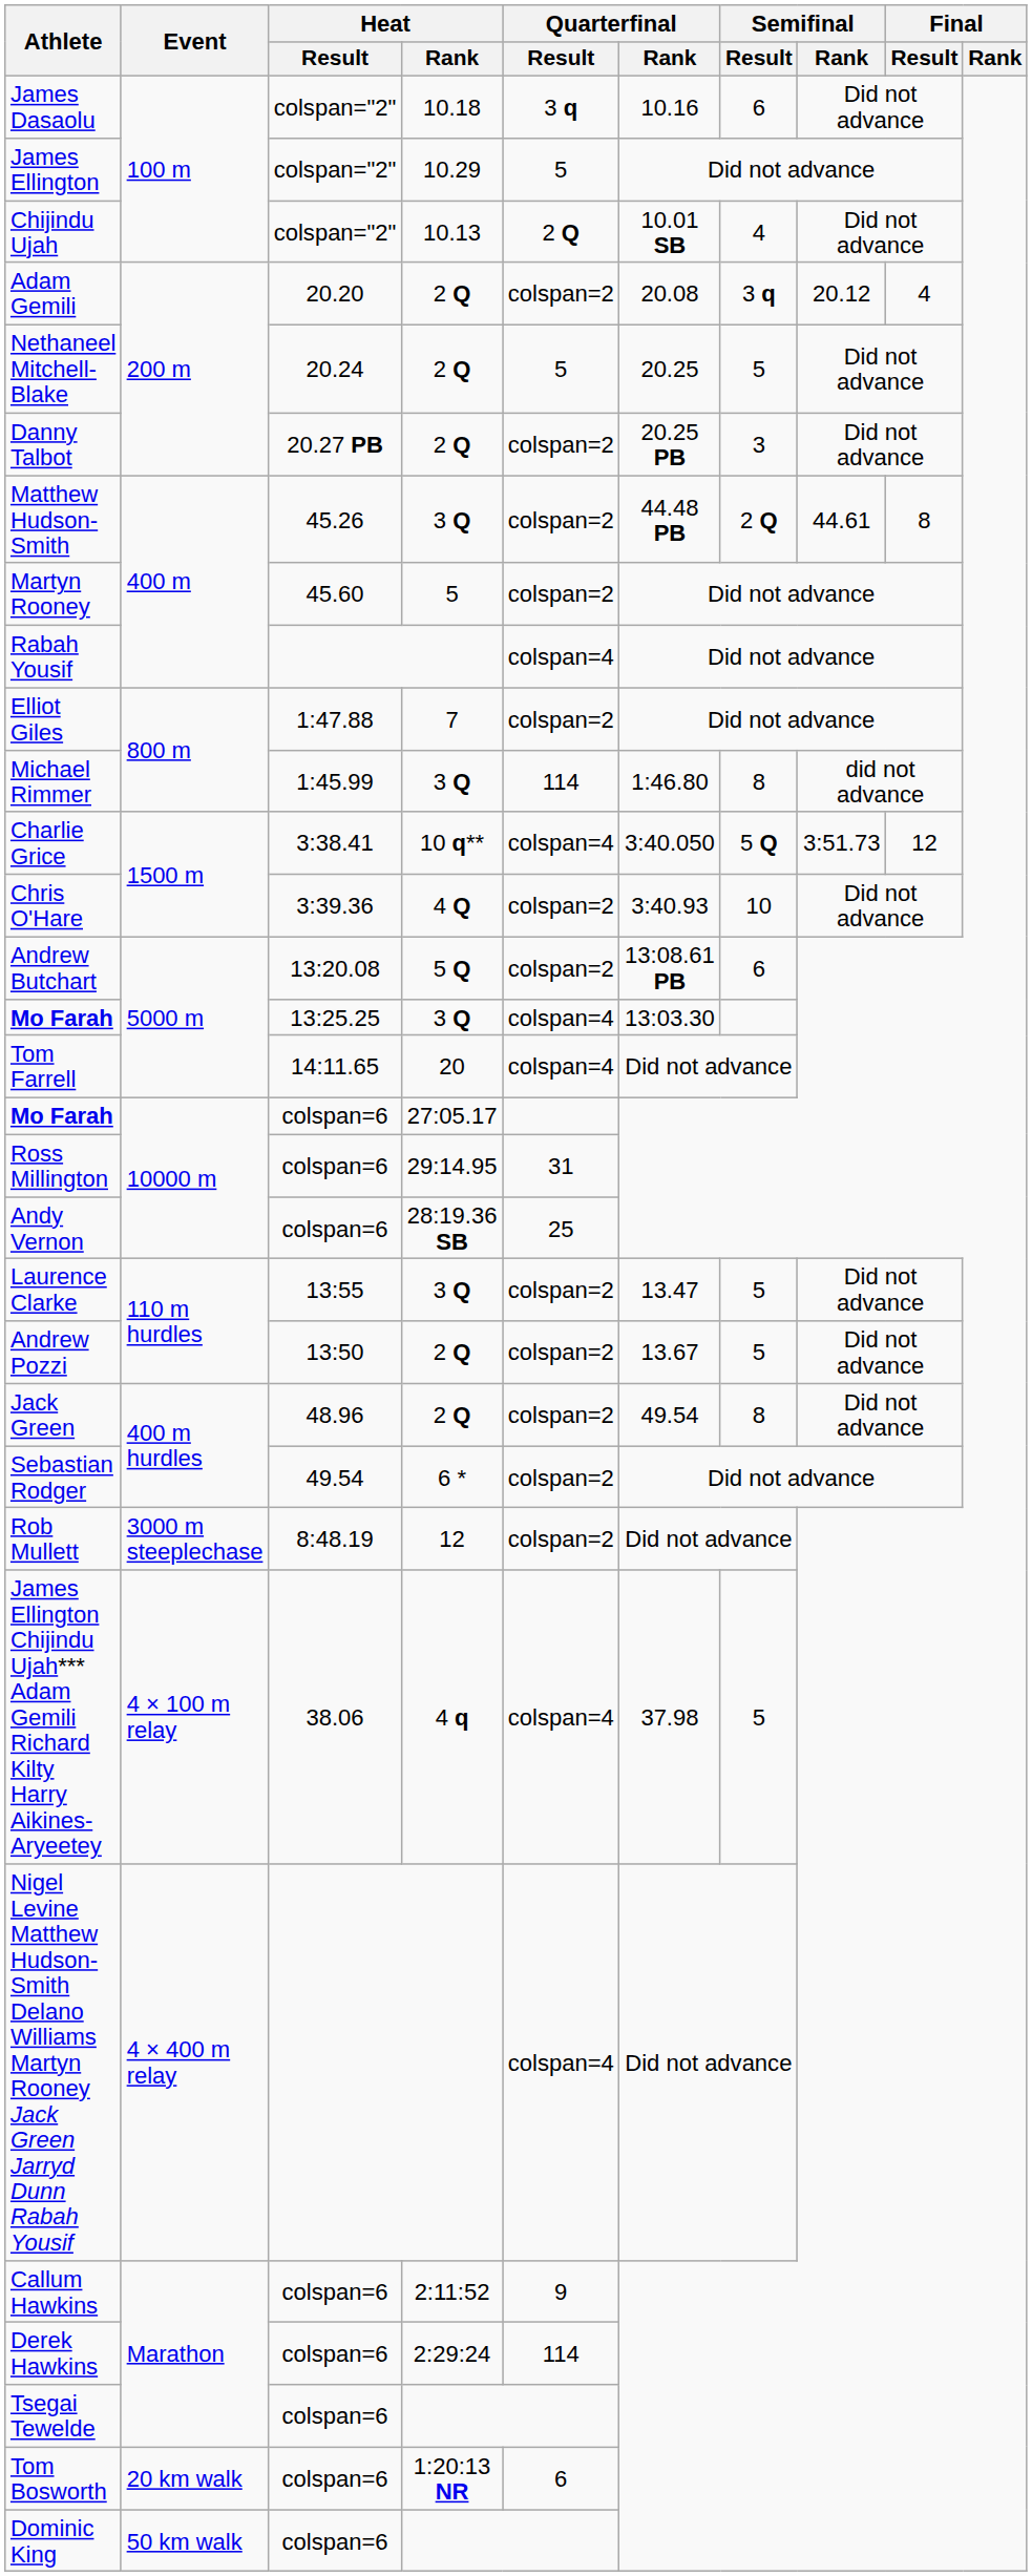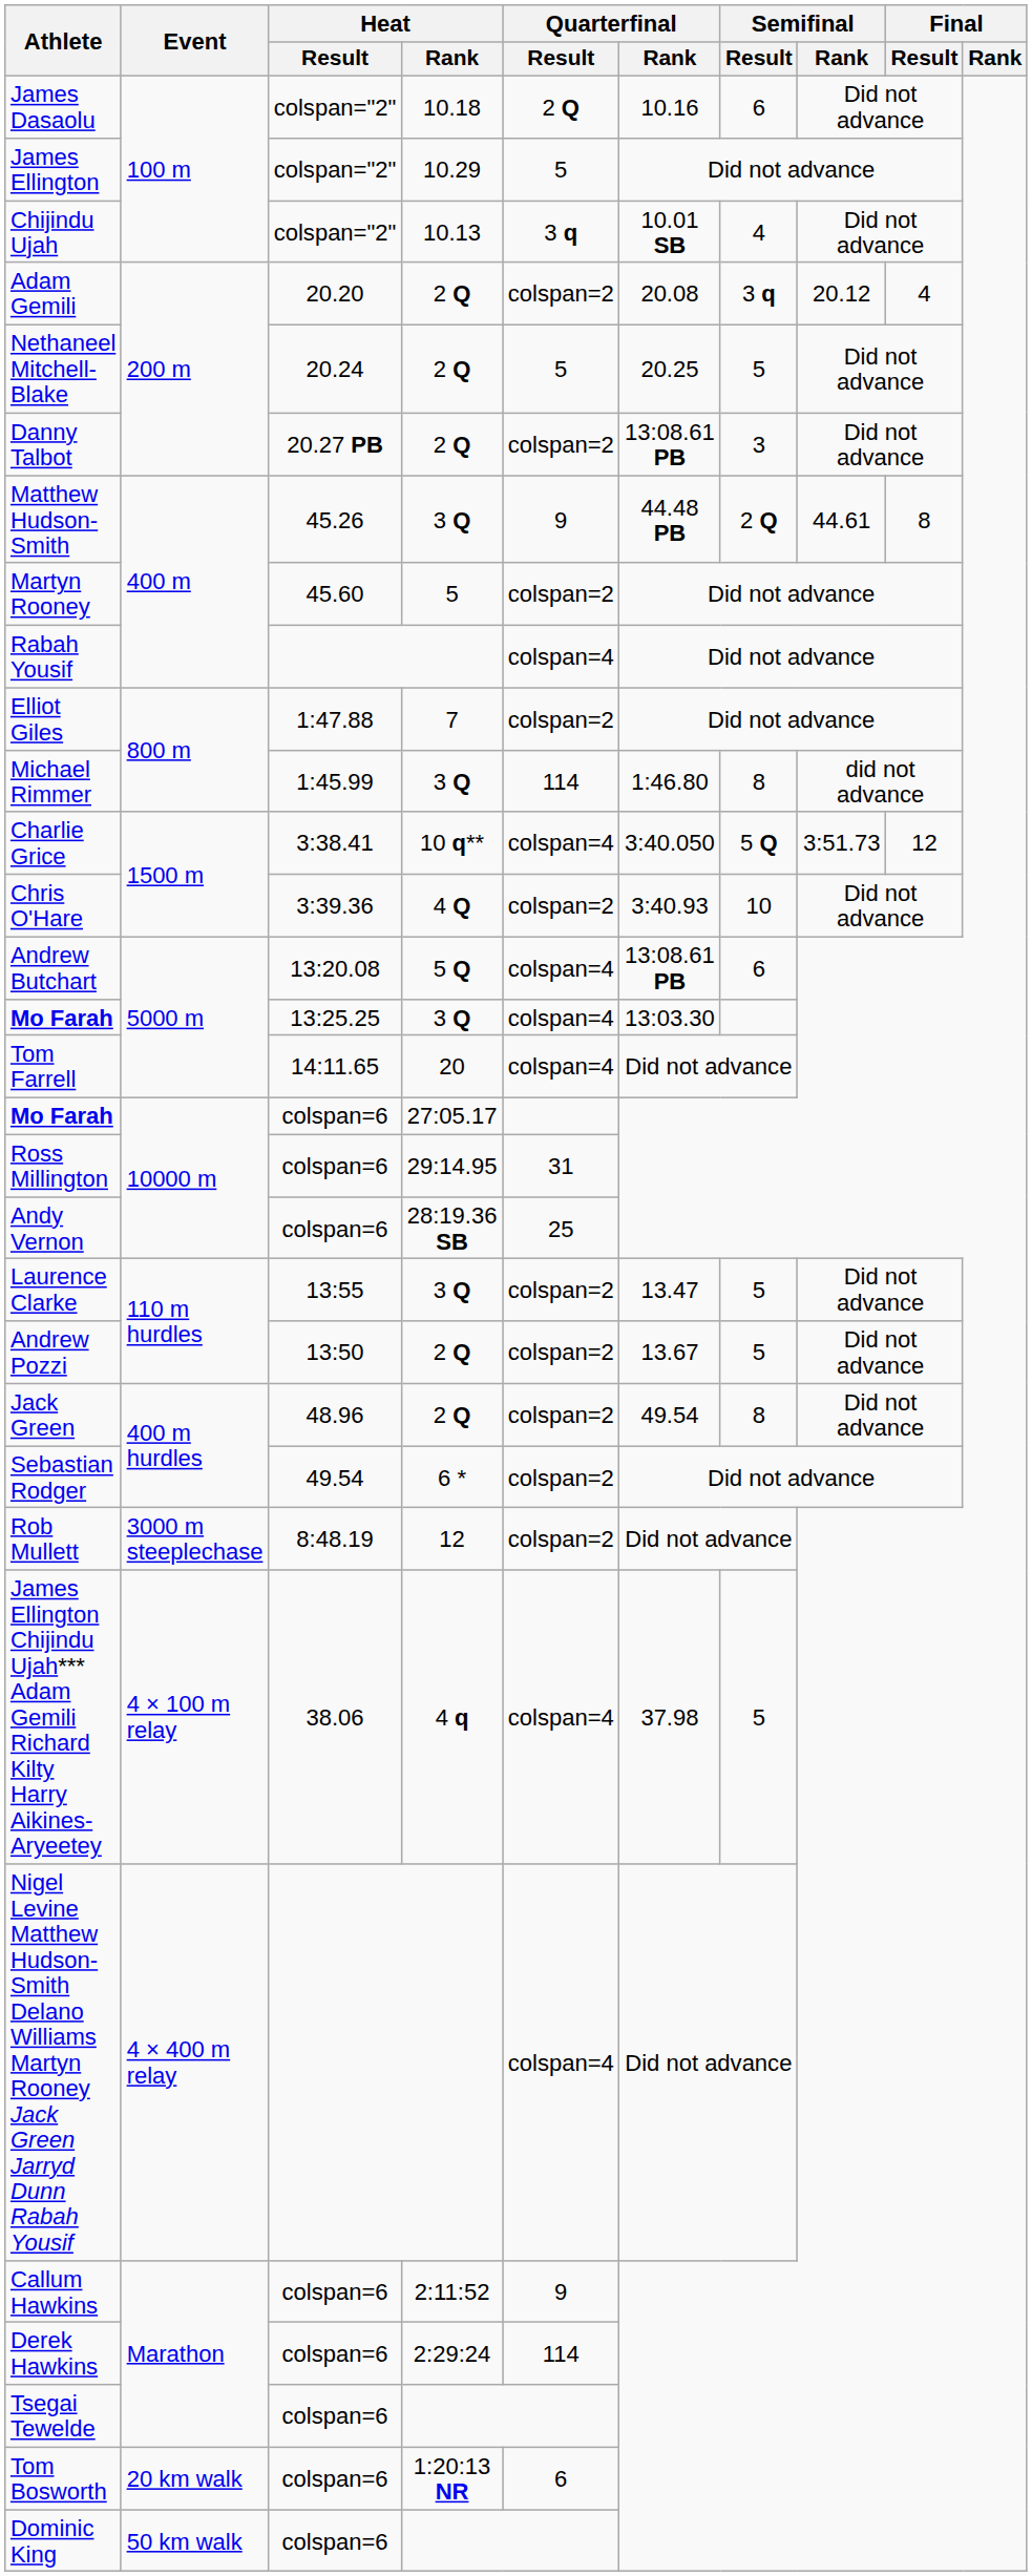 <table class="wikitable" style="font-size:90%">
 <tr>
 <th rowspan="2">Athlete</th>
 <th rowspan="2">Event</th>
 <th colspan="2">Heat</th>
 <th colspan="2">Quarterfinal</th>
 <th colspan="2">Semifinal</th>
 <th colspan="2">Final</th>
 </tr>
 <tr style="font-size:95%">
 <th>Result</th>
 <th>Rank</th>
 <th>Result</th>
 <th>Rank</th>
 <th>Result</th>
 <th>Rank</th>
 <th>Result</th>
 <th>Rank</th>
 </tr>
 <tr align=center>
 <td align=left><a href='#'>James Dasaolu</a></td>
 <td align=left rowspan=3><a href='#'>100 m</a></td>
 <td>colspan="2" </td>
 <td>10.18</td>
-<td>3 <strong>q</strong></td>
+<td>2 <strong>Q</strong></td>
 <td>10.16</td>
 <td>6</td>
 <td colspan=2>Did not advance</td>
 </tr>
 <tr align=center>
 <td align=left><a href='#'>James Ellington</a></td>
 <td>colspan="2" </td>
 <td>10.29</td>
 <td>5</td>
 <td colspan=4>Did not advance</td>
 </tr>
 <tr align=center>
 <td align=left><a href='#'>Chijindu Ujah</a></td>
 <td>colspan="2" </td>
 <td>10.13</td>
-<td>2 <strong>Q</strong></td>
+<td>3 <strong>q</strong></td>
 <td>10.01 <strong>SB</strong></td>
 <td>4</td>
 <td colspan=2>Did not advance</td>
 </tr>
 <tr align=center>
 <td align=left><a href='#'>Adam Gemili</a></td>
 <td align=left rowspan=3><a href='#'>200 m</a></td>
 <td>20.20</td>
 <td>2 <strong>Q</strong></td>
 <td>colspan=2 </td>
 <td>20.08</td>
 <td>3 <strong>q</strong></td>
 <td>20.12</td>
 <td>4</td>
 </tr>
 <tr align=center>
 <td align=left><a href='#'>Nethaneel Mitchell-Blake</a></td>
 <td>20.24</td>
 <td>2 <strong>Q</strong></td>
 <td>5</td>
 <td>20.25</td>
 <td>5</td>
 <td colspan=2>Did not advance</td>
 </tr>
 <tr align=center>
 <td align=left><a href='#'>Danny Talbot</a></td>
 <td>20.27 <strong>PB</strong></td>
 <td>2 <strong>Q</strong></td>
 <td>colspan=2 </td>
-<td>20.25 <strong>PB</strong></td>
+<td>13:08.61 <strong>PB</strong></td>
 <td>3</td>
 <td colspan=2>Did not advance</td>
 </tr>
 <tr align=center>
 <td align=left><a href='#'>Matthew Hudson-Smith</a></td>
 <td align=left rowspan=3><a href='#'>400 m</a></td>
 <td>45.26</td>
 <td>3 <strong>Q</strong></td>
-<td>colspan=2 </td>
+<td>9</td>
 <td>44.48 <strong>PB</strong></td>
 <td>2 <strong>Q</strong></td>
 <td>44.61</td>
 <td>8</td>
 </tr>
 <tr align=center>
 <td align=left><a href='#'>Martyn Rooney</a></td>
 <td>45.60</td>
 <td>5</td>
 <td>colspan=2 </td>
 <td colspan=4>Did not advance</td>
 </tr>
 <tr align=center>
 <td align=left><a href='#'>Rabah Yousif</a></td>
 <td colspan=2></td>
 <td>colspan=4 </td>
 <td colspan=4>Did not advance</td>
 </tr>
 <tr align=center>
 <td align=left><a href='#'>Elliot Giles</a></td>
 <td align=left rowspan=2><a href='#'>800 m</a></td>
 <td>1:47.88</td>
 <td>7</td>
 <td>colspan=2 </td>
 <td colspan=4>Did not advance</td>
 </tr>
 <tr align=center>
 <td align=left><a href='#'>Michael Rimmer</a></td>
 <td>1:45.99</td>
 <td>3 <strong>Q</strong></td>
 <td>114</td>
 <td>1:46.80</td>
 <td>8</td>
 <td colspan="2">did not advance</td>
 </tr>
 <tr align=center>
 <td align=left><a href='#'>Charlie Grice</a></td>
 <td align=left rowspan=2><a href='#'>1500 m</a></td>
 <td>3:38.41</td>
 <td>10 <strong>q</strong>**</td>
 <td>colspan=4 </td>
 <td>3:40.050</td>
 <td>5 <strong>Q</strong></td>
 <td>3:51.73</td>
 <td>12</td>
 </tr>
 <tr align=center>
 <td align=left><a href='#'>Chris O'Hare</a></td>
 <td>3:39.36</td>
 <td>4 <strong>Q</strong></td>
 <td>colspan=2 </td>
 <td>3:40.93</td>
 <td>10</td>
 <td colspan=2>Did not advance</td>
 </tr>
 <tr align=center>
 <td align=left><a href='#'>Andrew Butchart</a></td>
 <td align=left rowspan=3><a href='#'>5000 m</a></td>
 <td>13:20.08</td>
 <td>5 <strong>Q</strong></td>
-<td>colspan=2 </td>
+<td>colspan=4 </td>
 <td>13:08.61 <strong>PB</strong></td>
 <td>6</td>
 </tr>
 <tr align=center>
 <td align=left><strong><a href='#'>Mo Farah</a></strong></td>
 <td>13:25.25</td>
 <td>3 <strong>Q</strong></td>
 <td>colspan=4 </td>
 <td>13:03.30</td>
 <td></td>
 </tr>
 <tr align=center>
 <td align=left><a href='#'>Tom Farrell</a></td>
 <td>14:11.65</td>
 <td>20</td>
 <td>colspan=4 </td>
 <td colspan=2>Did not advance</td>
 </tr>
 <tr align=center>
 <td align=left><strong><a href='#'>Mo Farah</a></strong></td>
 <td align=left rowspan=3><a href='#'>10000 m</a></td>
 <td>colspan=6 </td>
 <td>27:05.17</td>
 <td></td>
 </tr>
 <tr align=center>
 <td align=left><a href='#'>Ross Millington</a></td>
 <td>colspan=6 </td>
 <td>29:14.95</td>
 <td>31</td>
 </tr>
 <tr align=center>
 <td align=left><a href='#'>Andy Vernon</a></td>
 <td>colspan=6 </td>
 <td>28:19.36 <strong>SB</strong></td>
 <td>25</td>
 </tr>
 <tr align=center>
 <td align=left><a href='#'>Laurence Clarke</a></td>
 <td align=left rowspan=2><a href='#'>110 m hurdles</a></td>
 <td>13:55</td>
 <td>3 <strong>Q</strong></td>
 <td>colspan=2 </td>
 <td>13.47</td>
 <td>5</td>
 <td colspan=2>Did not advance</td>
 </tr>
 <tr align=center>
 <td align=left><a href='#'>Andrew Pozzi</a></td>
 <td>13:50</td>
 <td>2 <strong>Q</strong></td>
 <td>colspan=2 </td>
 <td>13.67</td>
 <td>5</td>
 <td colspan=2>Did not advance</td>
 </tr>
 <tr align=center>
 <td align=left><a href='#'>Jack Green</a></td>
 <td align=left rowspan="2"><a href='#'>400 m hurdles</a></td>
 <td>48.96</td>
 <td>2 <strong>Q</strong></td>
 <td>colspan=2 </td>
 <td>49.54</td>
 <td>8</td>
 <td colspan=2>Did not advance</td>
 </tr>
 <tr align=center>
 <td align=left><a href='#'>Sebastian Rodger</a></td>
 <td>49.54</td>
 <td>6 *</td>
 <td>colspan=2 </td>
 <td colspan=4>Did not advance</td>
 </tr>
 <tr align=center>
 <td align=left><a href='#'>Rob Mullett</a></td>
 <td align=left><a href='#'>3000 m steeplechase</a></td>
 <td>8:48.19</td>
 <td>12</td>
 <td>colspan=2 </td>
 <td colspan=2>Did not advance</td>
 </tr>
 <tr align=center>
 <td align=left><a href='#'>James Ellington</a><br><a href='#'>Chijindu Ujah</a>***<br><a href='#'>Adam Gemili</a><br><a href='#'>Richard Kilty</a><br><a href='#'>Harry Aikines-Aryeetey</a><br></td>
 <td align=left><a href='#'>4 × 100 m relay</a></td>
 <td>38.06</td>
 <td>4 <strong>q</strong></td>
 <td>colspan=4 </td>
 <td>37.98</td>
 <td>5</td>
 </tr>
 <tr align=center>
 <td align=left><a href='#'>Nigel Levine</a><br><a href='#'>Matthew Hudson-Smith</a><br><a href='#'>Delano Williams</a><br><a href='#'>Martyn Rooney</a><br><em><a href='#'>Jack Green</a><br><a href='#'>Jarryd Dunn</a><br><a href='#'>Rabah Yousif</a></em></td>
 <td align=left><a href='#'>4 × 400 m relay</a></td>
 <td colspan=2></td>
 <td>colspan=4 </td>
 <td colspan=2>Did not advance</td>
 </tr>
 <tr align=center>
 <td align=left><a href='#'>Callum Hawkins</a></td>
 <td align=left rowspan=3><a href='#'>Marathon</a></td>
 <td>colspan=6 </td>
 <td>2:11:52</td>
 <td>9</td>
 </tr>
 <tr align=center>
 <td align=left><a href='#'>Derek Hawkins</a></td>
 <td>colspan=6 </td>
 <td>2:29:24</td>
 <td>114</td>
 </tr>
 <tr align=center>
 <td align=left><a href='#'>Tsegai Tewelde</a></td>
 <td>colspan=6 </td>
 <td colspan=2></td>
 </tr>
 <tr align=center>
 <td align=left><a href='#'>Tom Bosworth</a></td>
 <td align=left><a href='#'>20 km walk</a></td>
 <td>colspan=6 </td>
 <td>1:20:13 <strong><a href='#'>NR</a></strong></td>
 <td>6</td>
 </tr>
 <tr align=center>
 <td align=left><a href='#'>Dominic King</a></td>
 <td align=left><a href='#'>50 km walk</a></td>
 <td>colspan=6 </td>
 <td colspan=2></td>
 </tr>
 </table>
